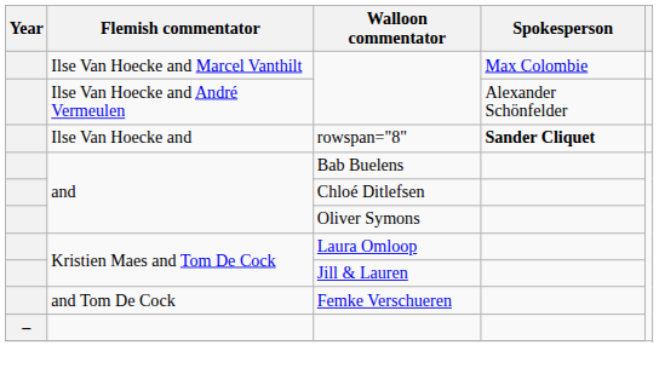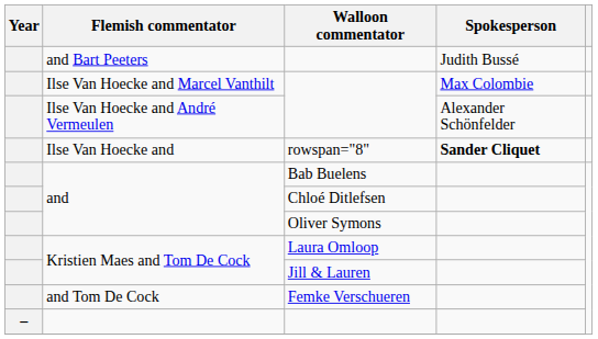 <table class="wikitable sortable plainrowheaders">
 <tr>
 <th>Year</th>
 <th>Flemish commentator</th>
 <th>Walloon commentator</th>
 <th>Spokesperson</th>
 <th class="unsortable"></th>
+</tr>
+<tr>
+<th scope="row"></th>
+<td> and <a href='#'>Bart Peeters</a></td>
+<td></td>
+<td>Judith Bussé</td>
+<td></td>
 </tr>
 <tr>
 <th scope="row"></th>
 <td>Ilse Van Hoecke and <a href='#'>Marcel Vanthilt</a></td>
 <td rowspan=2></td>
 <td><a href='#'>Max Colombie</a></td>
 <td></td>
 </tr>
 <tr>
 <th scope="row"></th>
 <td>Ilse Van Hoecke and <a href='#'>André Vermeulen</a></td>
 <td>Alexander Schönfelder</td>
 <td></td>
 </tr>
 <tr>
 <th scope="row"></th>
 <td>Ilse Van Hoecke and </td>
 <td>rowspan="8" </td>
 <td><strong>Sander Cliquet</strong></td>
 <td></td>
 </tr>
 <tr>
 <th scope="row"></th>
 <td rowspan=3> and </td>
 <td>Bab Buelens</td>
 <td></td>
 </tr>
 <tr>
 <th scope="row"></th>
 <td>Chloé Ditlefsen</td>
 <td></td>
 </tr>
 <tr>
 <th scope="row"></th>
 <td>Oliver Symons</td>
 <td></td>
 </tr>
 <tr>
 <th scope="row"></th>
 <td rowspan=2>Kristien Maes and <a href='#'>Tom De Cock</a></td>
 <td><a href='#'>Laura Omloop</a></td>
 <td></td>
 </tr>
 <tr>
 <th scope="row"></th>
 <td><a href='#'>Jill & Lauren</a></td>
 <td></td>
 </tr>
 <tr>
 <th scope="row"></th>
 <td> and Tom De Cock</td>
 <td><a href='#'>Femke Verschueren</a></td>
 <td></td>
 </tr>
 <tr>
 <th scope="row">–</th>
 <td></td>
 <td></td>
 <td></td>
 </tr>
 <tr>
 </tr>
 </table>
